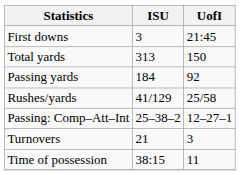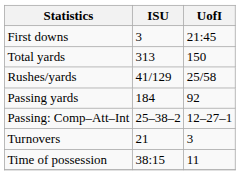 <table class="wikitable" style="float: left;">
 <tr>
 <th>Statistics</th>
 <th>ISU</th>
 <th>UofI</th>
 </tr>
 <tr>
 <td>First downs</td>
 <td>3</td>
 <td>21:45</td>
 </tr>
 <tr>
 <td>Total yards</td>
 <td>313</td>
 <td>150</td>
 </tr>
 <tr>
+<td>Rushes/yards</td>
+<td>41/129</td>
+<td>25/58</td>
+</tr>
+<tr>
 <td>Passing yards</td>
 <td>184</td>
 <td>92</td>
-</tr>
-<tr>
-<td>Rushes/yards</td>
-<td>41/129</td>
-<td>25/58</td>
 </tr>
 <tr>
 <td>Passing: Comp–Att–Int</td>
 <td>25–38–2</td>
 <td>12–27–1</td>
 </tr>
 <tr>
 <td>Turnovers</td>
 <td>21</td>
 <td>3</td>
 </tr>
 <tr>
 <td>Time of possession</td>
 <td>38:15</td>
 <td>11</td>
 </tr>
 <tr>
 </tr>
 </table>
